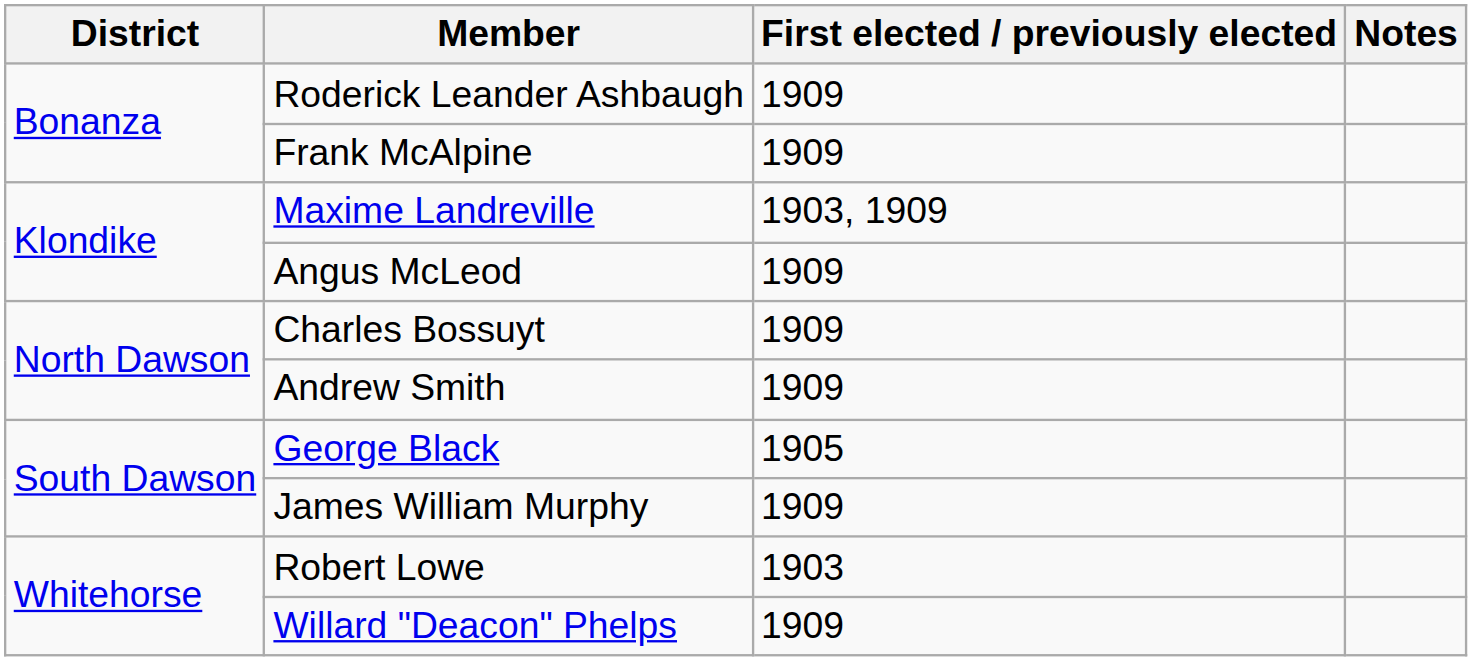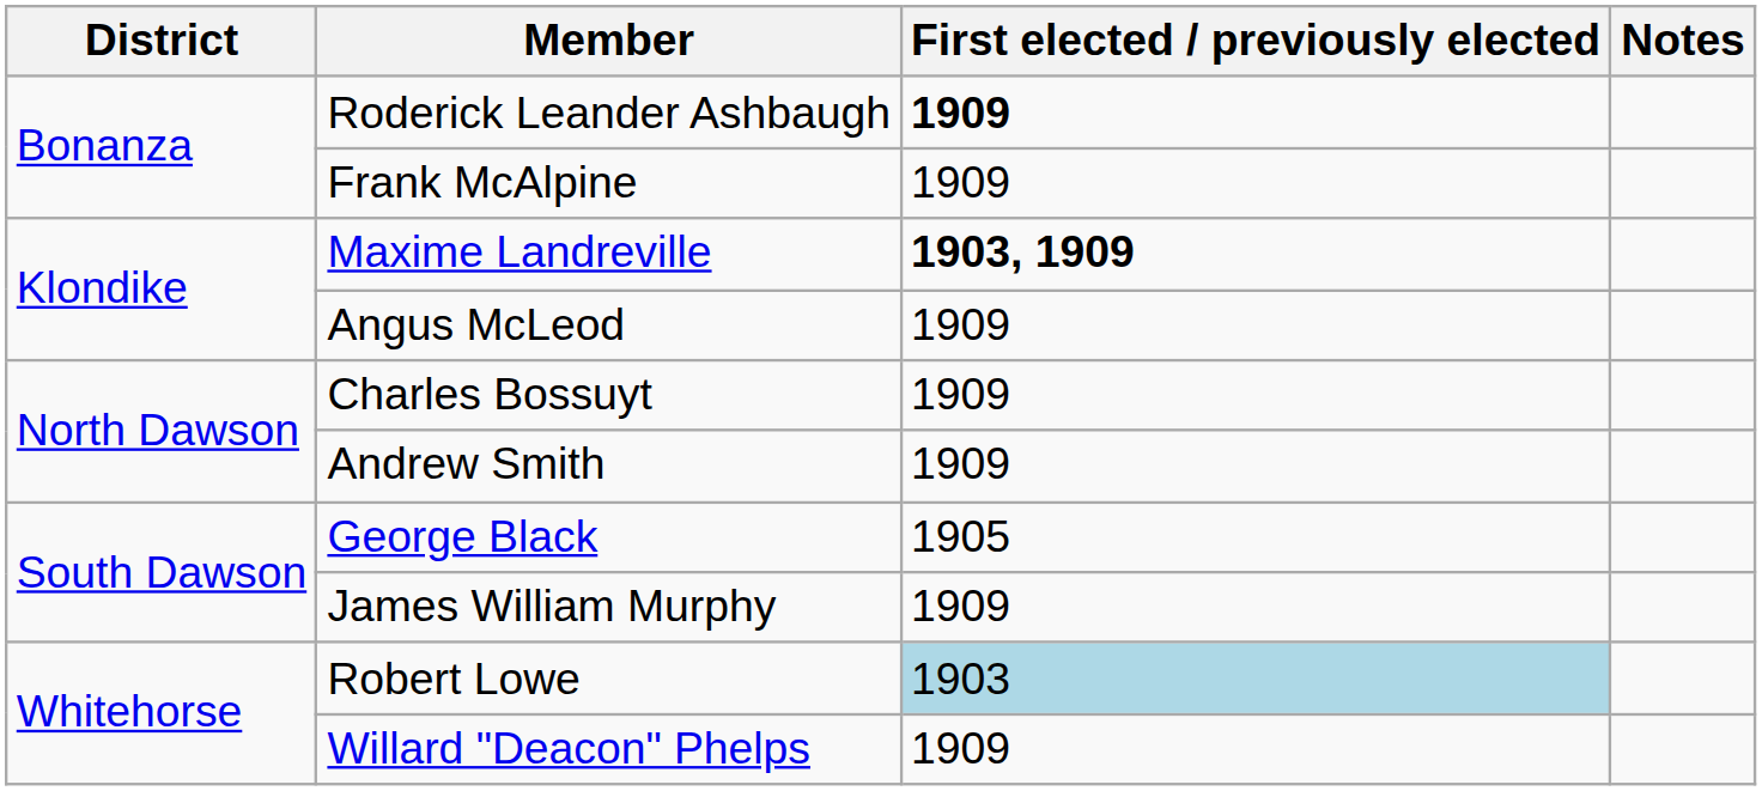 <table class="wikitable sortable">
 <tr>
 <th>District</th>
 <th>Member</th>
 <th>First elected / previously elected</th>
 <th>Notes</th>
 </tr>
 <tr>
 <td rowspan="2"><a href='#'>Bonanza</a></td>
 <td>Roderick Leander Ashbaugh</td>
-<td>1909</td>
+<td><strong>1909</strong></td>
 <td></td>
 </tr>
 <tr>
 <td>Frank McAlpine</td>
 <td>1909</td>
 <td></td>
 </tr>
 <tr>
 <td rowspan="2"><a href='#'>Klondike</a></td>
 <td><a href='#'>Maxime Landreville</a></td>
-<td>1903, 1909</td>
+<td><strong>1903, 1909</strong></td>
 <td></td>
 </tr>
 <tr>
 <td>Angus McLeod</td>
 <td>1909</td>
 <td></td>
 </tr>
 <tr>
 <td rowspan="2"><a href='#'>North Dawson</a></td>
 <td>Charles Bossuyt</td>
 <td>1909</td>
 <td></td>
 </tr>
 <tr>
 <td>Andrew Smith</td>
 <td>1909</td>
 <td></td>
 </tr>
 <tr>
 <td rowspan="2"><a href='#'>South Dawson</a></td>
 <td><a href='#'>George Black</a></td>
 <td>1905</td>
 <td></td>
 </tr>
 <tr>
 <td>James William Murphy</td>
 <td>1909</td>
 <td></td>
 </tr>
 <tr>
 <td rowspan="2"><a href='#'>Whitehorse</a></td>
 <td>Robert Lowe</td>
-<td>1903</td>
+<td style="background: lightblue;">1903</td>
 <td></td>
 </tr>
 <tr>
 <td><a href='#'>Willard "Deacon" Phelps</a></td>
 <td>1909</td>
 <td></td>
 </tr>
 </table>
